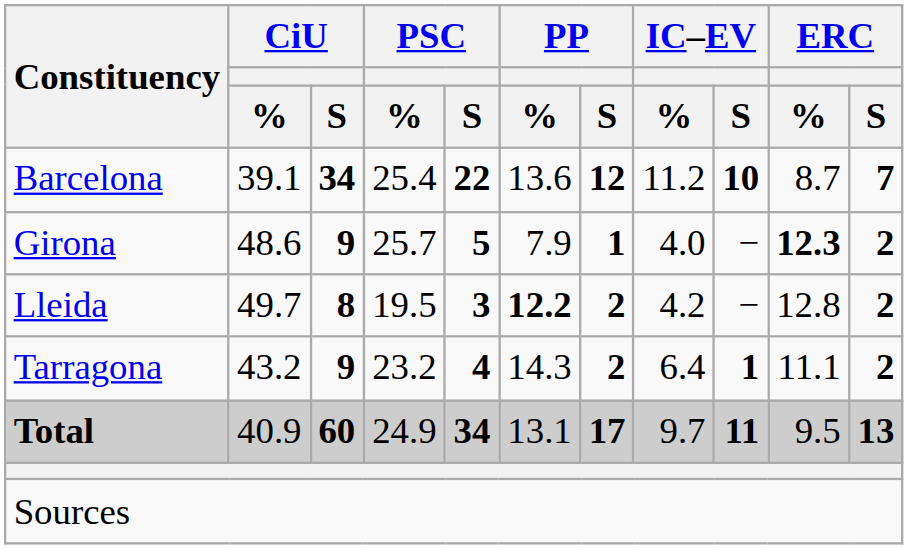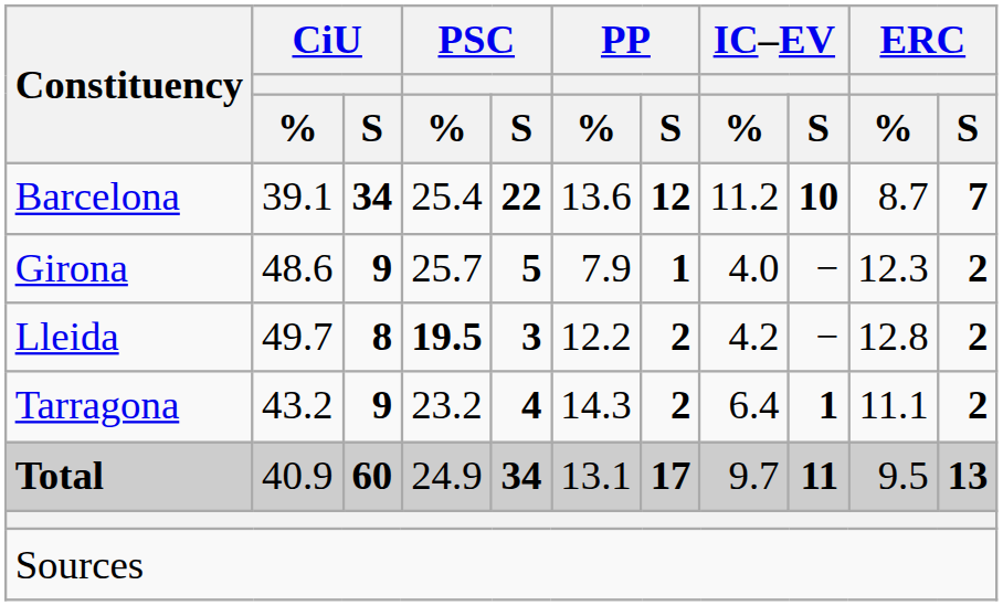 <table class="wikitable sortable" style="text-align:right; line-height:20px;">
 <tr>
 <th rowspan="3">Constituency</th>
 <th colspan="2" width="30px" class="unsortable"><a href='#'>CiU</a></th>
 <th colspan="2" width="30px" class="unsortable"><a href='#'>PSC</a></th>
 <th colspan="2" width="30px" class="unsortable"><a href='#'>PP</a></th>
 <th colspan="2" width="30px" class="unsortable"><a href='#'>IC</a>–<a href='#'>EV</a></th>
 <th colspan="2" width="30px" class="unsortable"><a href='#'>ERC</a></th>
 </tr>
 <tr>
 <th colspan="2" style="background:"></th>
 <th colspan="2" style="background:"></th>
 <th colspan="2" style="background:"></th>
 <th colspan="2" style="background:"></th>
 <th colspan="2" style="background:"></th>
 </tr>
 <tr>
 <th data-sort-type="number">%</th>
 <th data-sort-type="number">S</th>
 <th data-sort-type="number">%</th>
 <th data-sort-type="number">S</th>
 <th data-sort-type="number">%</th>
 <th data-sort-type="number">S</th>
 <th data-sort-type="number">%</th>
 <th data-sort-type="number">S</th>
 <th data-sort-type="number">%</th>
 <th data-sort-type="number">S</th>
 </tr>
 <tr>
 <td align="left"><a href='#'>Barcelona</a></td>
 <td style="background:">39.1</td>
 <td><strong>34</strong></td>
 <td>25.4</td>
 <td><strong>22</strong></td>
 <td>13.6</td>
 <td><strong>12</strong></td>
 <td>11.2</td>
 <td><strong>10</strong></td>
 <td>8.7</td>
 <td><strong>7</strong></td>
 </tr>
 <tr>
 <td align="left"><a href='#'>Girona</a></td>
 <td style="background:">48.6</td>
 <td><strong>9</strong></td>
 <td>25.7</td>
 <td><strong>5</strong></td>
 <td>7.9</td>
 <td><strong>1</strong></td>
 <td>4.0</td>
 <td>−</td>
-<td><strong>12.3</strong></td>
+<td>12.3</td>
 <td><strong>2</strong></td>
 </tr>
 <tr>
 <td align="left"><a href='#'>Lleida</a></td>
 <td style="background:">49.7</td>
 <td><strong>8</strong></td>
-<td>19.5</td>
+<td><strong>19.5</strong></td>
 <td><strong>3</strong></td>
-<td><strong>12.2</strong></td>
+<td>12.2</td>
 <td><strong>2</strong></td>
 <td>4.2</td>
 <td>−</td>
 <td>12.8</td>
 <td><strong>2</strong></td>
 </tr>
 <tr>
 <td align="left"><a href='#'>Tarragona</a></td>
 <td style="background:">43.2</td>
 <td><strong>9</strong></td>
 <td>23.2</td>
 <td><strong>4</strong></td>
 <td>14.3</td>
 <td><strong>2</strong></td>
 <td>6.4</td>
 <td><strong>1</strong></td>
 <td>11.1</td>
 <td><strong>2</strong></td>
 </tr>
 <tr style="background:#CDCDCD;">
 <td align="left"><strong>Total</strong></td>
 <td style="background:">40.9</td>
 <td><strong>60</strong></td>
 <td>24.9</td>
 <td><strong>34</strong></td>
 <td>13.1</td>
 <td><strong>17</strong></td>
 <td>9.7</td>
 <td><strong>11</strong></td>
 <td>9.5</td>
 <td><strong>13</strong></td>
 </tr>
 <tr>
 <th colspan="11"></th>
 </tr>
 <tr>
 <th style="text-align:left; font-weight:normal; background:#F9F9F9" colspan="11">Sources</th>
 </tr>
 </table>
